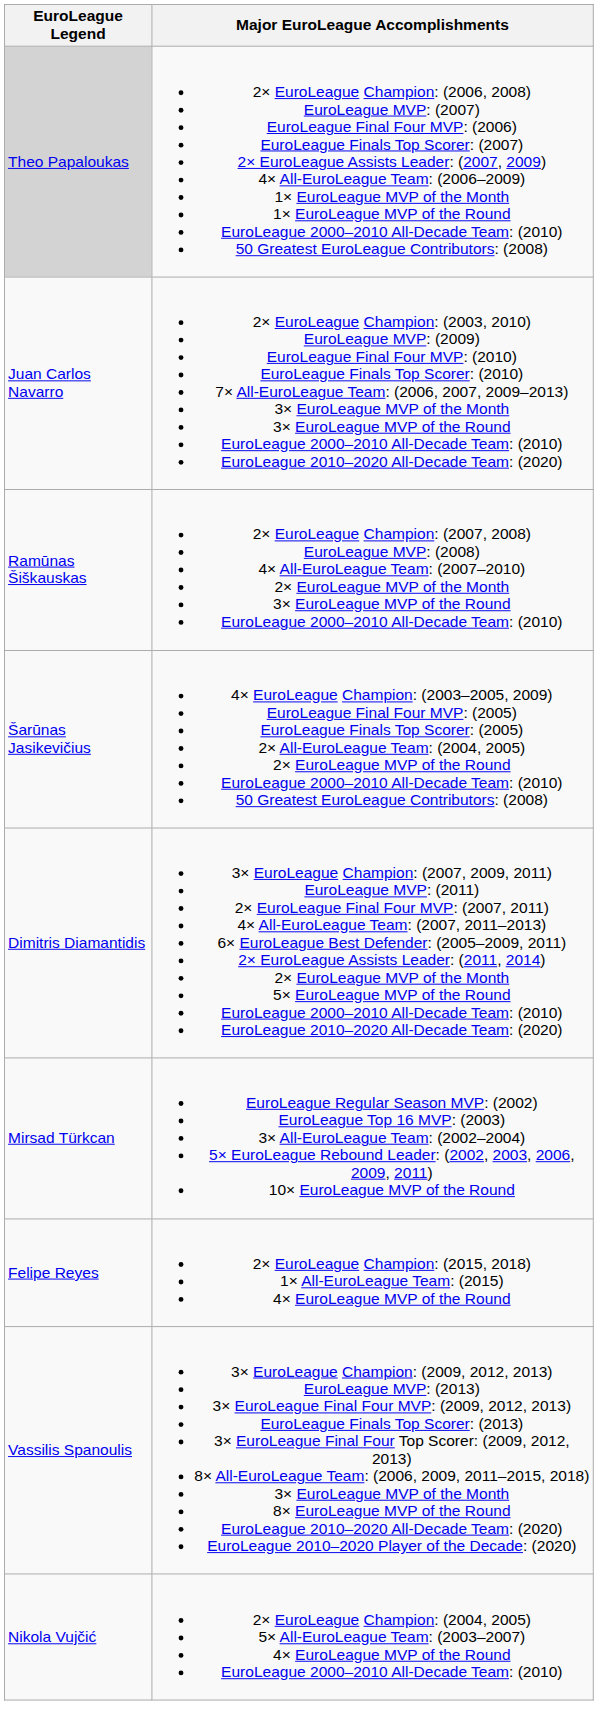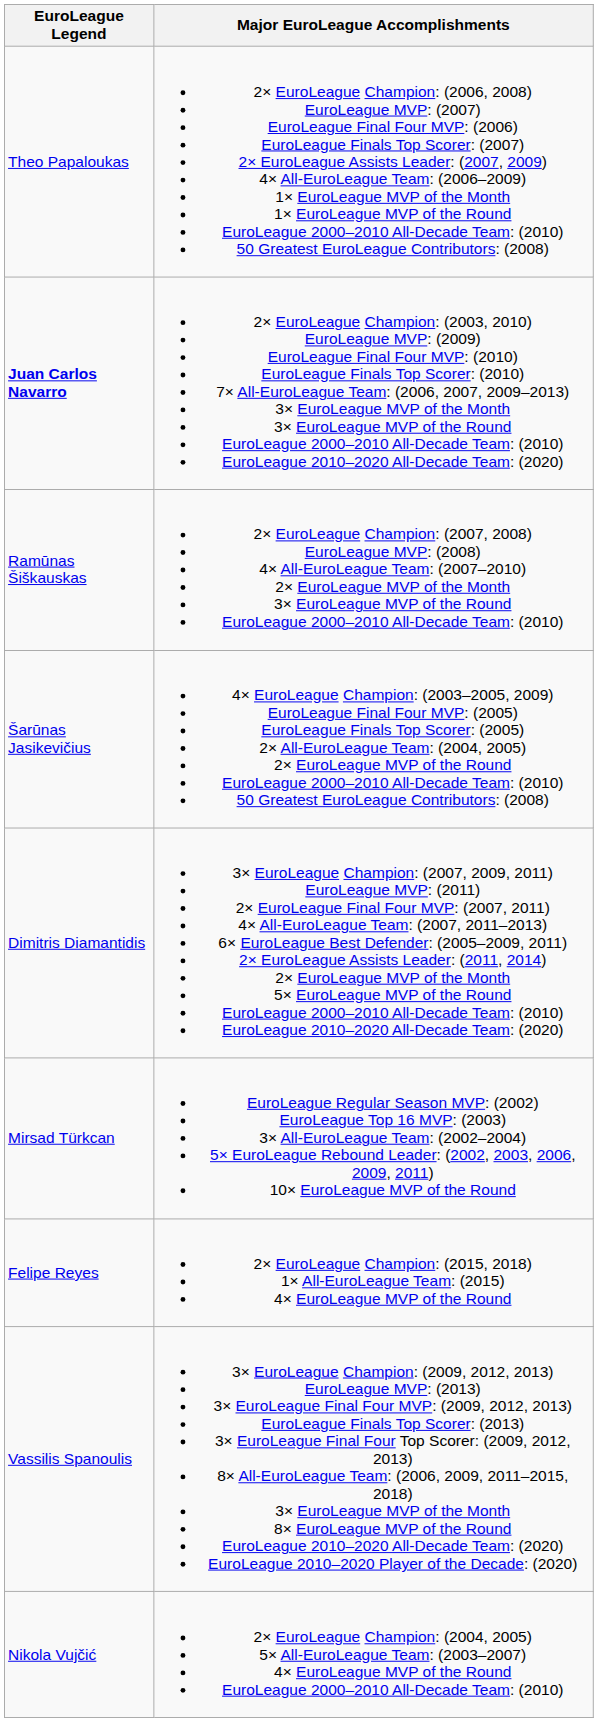 <table class="wikitable">
 <tr>
 <th>EuroLeague Legend</th>
 <th>Major EuroLeague Accomplishments</th>
 </tr>
 <tr>
-<td style="background: lightgrey;"> <a href='#'>Theo Papaloukas</a></td>
+<td> <a href='#'>Theo Papaloukas</a></td>
 <td style="text-align:center;"><br><ul><li>2× <a href='#'>EuroLeague</a> <a href='#'>Champion</a>: (2006, 2008)</li><li><a href='#'>EuroLeague MVP</a>: (2007)</li><li><a href='#'>EuroLeague Final Four MVP</a>: (2006)</li><li><a href='#'>EuroLeague Finals Top Scorer</a>: (2007)</li><li><a href='#'>2× EuroLeague Assists Leader</a>: (<a href='#'>2007</a>, <a href='#'>2009</a>)</li><li>4× <a href='#'>All-EuroLeague Team</a>: (2006–2009)</li><li>1× <a href='#'>EuroLeague MVP of the Month</a></li><li>1× <a href='#'>EuroLeague MVP of the Round</a></li><li><a href='#'>EuroLeague 2000–2010 All-Decade Team</a>: (2010)</li><li><a href='#'>50 Greatest EuroLeague Contributors</a>: (2008)</li></ul></td>
 </tr>
 <tr>
-<td> <a href='#'>Juan Carlos Navarro</a></td>
+<td><strong> <a href='#'>Juan Carlos Navarro</a></strong></td>
 <td style="text-align:center;"><br><ul><li>2× <a href='#'>EuroLeague</a> <a href='#'>Champion</a>: (2003, 2010)</li><li><a href='#'>EuroLeague MVP</a>: (2009)</li><li><a href='#'>EuroLeague Final Four MVP</a>: (2010)</li><li><a href='#'>EuroLeague Finals Top Scorer</a>: (2010)</li><li>7× <a href='#'>All-EuroLeague Team</a>: (2006, 2007, 2009–2013)</li><li>3× <a href='#'>EuroLeague MVP of the Month</a></li><li>3× <a href='#'>EuroLeague MVP of the Round</a></li><li><a href='#'>EuroLeague 2000–2010 All-Decade Team</a>: (2010)</li><li><a href='#'>EuroLeague 2010–2020 All-Decade Team</a>: (2020)</li></ul></td>
 </tr>
 <tr>
 <td> <a href='#'>Ramūnas Šiškauskas</a></td>
 <td style="text-align:center;"><br><ul><li>2× <a href='#'>EuroLeague</a> <a href='#'>Champion</a>: (2007, 2008)</li><li><a href='#'>EuroLeague MVP</a>: (2008)</li><li>4× <a href='#'>All-EuroLeague Team</a>: (2007–2010)</li><li>2× <a href='#'>EuroLeague MVP of the Month</a></li><li>3× <a href='#'>EuroLeague MVP of the Round</a></li><li><a href='#'>EuroLeague 2000–2010 All-Decade Team</a>: (2010)</li></ul></td>
 </tr>
 <tr>
 <td> <a href='#'>Šarūnas Jasikevičius</a></td>
 <td style="text-align:center;"><br><ul><li>4× <a href='#'>EuroLeague</a> <a href='#'>Champion</a>: (2003–2005, 2009)</li><li><a href='#'>EuroLeague Final Four MVP</a>: (2005)</li><li><a href='#'>EuroLeague Finals Top Scorer</a>: (2005)</li><li>2× <a href='#'>All-EuroLeague Team</a>: (2004, 2005)</li><li>2× <a href='#'>EuroLeague MVP of the Round</a></li><li><a href='#'>EuroLeague 2000–2010 All-Decade Team</a>: (2010)</li><li><a href='#'>50 Greatest EuroLeague Contributors</a>: (2008)</li></ul></td>
 </tr>
 <tr>
 <td> <a href='#'>Dimitris Diamantidis</a></td>
 <td style="text-align:center;"><br><ul><li>3× <a href='#'>EuroLeague</a> <a href='#'>Champion</a>: (2007, 2009, 2011)</li><li><a href='#'>EuroLeague MVP</a>: (2011)</li><li>2× <a href='#'>EuroLeague Final Four MVP</a>: (2007, 2011)</li><li>4× <a href='#'>All-EuroLeague Team</a>: (2007, 2011–2013)</li><li>6× <a href='#'>EuroLeague Best Defender</a>: (2005–2009, 2011)</li><li><a href='#'>2× EuroLeague Assists Leader</a>: (<a href='#'>2011</a>, <a href='#'>2014</a>)</li><li>2× <a href='#'>EuroLeague MVP of the Month</a></li><li>5× <a href='#'>EuroLeague MVP of the Round</a></li><li><a href='#'>EuroLeague 2000–2010 All-Decade Team</a>: (2010)</li><li><a href='#'>EuroLeague 2010–2020 All-Decade Team</a>: (2020)</li></ul></td>
 </tr>
 <tr>
 <td> <a href='#'>Mirsad Türkcan</a></td>
 <td style="text-align:center;"><br><ul><li><a href='#'>EuroLeague Regular Season MVP</a>: (2002)</li><li><a href='#'>EuroLeague Top 16 MVP</a>: (2003)</li><li>3× <a href='#'>All-EuroLeague Team</a>: (2002–2004)</li><li><a href='#'>5× EuroLeague Rebound Leader</a>: (<a href='#'>2002</a>, <a href='#'>2003</a>, <a href='#'>2006</a>, <a href='#'>2009</a>, <a href='#'>2011</a>)</li><li>10× <a href='#'>EuroLeague MVP of the Round</a></li></ul></td>
 </tr>
 <tr>
 <td> <a href='#'>Felipe Reyes</a></td>
 <td style="text-align:center;"><br><ul><li>2× <a href='#'>EuroLeague</a> <a href='#'>Champion</a>: (2015, 2018)</li><li>1× <a href='#'>All-EuroLeague Team</a>: (2015)</li><li>4× <a href='#'>EuroLeague MVP of the Round</a></li></ul></td>
 </tr>
 <tr>
 <td> <a href='#'>Vassilis Spanoulis</a></td>
 <td style="text-align:center;"><br><ul><li>3× <a href='#'>EuroLeague</a> <a href='#'>Champion</a>: (2009, 2012, 2013)</li><li><a href='#'>EuroLeague MVP</a>: (2013)</li><li>3× <a href='#'>EuroLeague Final Four MVP</a>: (2009, 2012, 2013)</li><li><a href='#'>EuroLeague Finals Top Scorer</a>: (2013)</li><li>3× <a href='#'>EuroLeague Final Four</a> Top Scorer: (2009, 2012, 2013)</li><li>8× <a href='#'>All-EuroLeague Team</a>: (2006, 2009, 2011–2015, 2018)</li><li>3× <a href='#'>EuroLeague MVP of the Month</a></li><li>8× <a href='#'>EuroLeague MVP of the Round</a></li><li><a href='#'>EuroLeague 2010–2020 All-Decade Team</a>: (2020)</li><li><a href='#'>EuroLeague 2010–2020 Player of the Decade</a>: (2020)</li></ul></td>
 </tr>
 <tr>
 <td> <a href='#'>Nikola Vujčić</a></td>
 <td style="text-align:center;"><br><ul><li>2× <a href='#'>EuroLeague</a> <a href='#'>Champion</a>: (2004, 2005)</li><li>5× <a href='#'>All-EuroLeague Team</a>: (2003–2007)</li><li>4× <a href='#'>EuroLeague MVP of the Round</a></li><li><a href='#'>EuroLeague 2000–2010 All-Decade Team</a>: (2010)</li></ul></td>
 </tr>
 </table>
